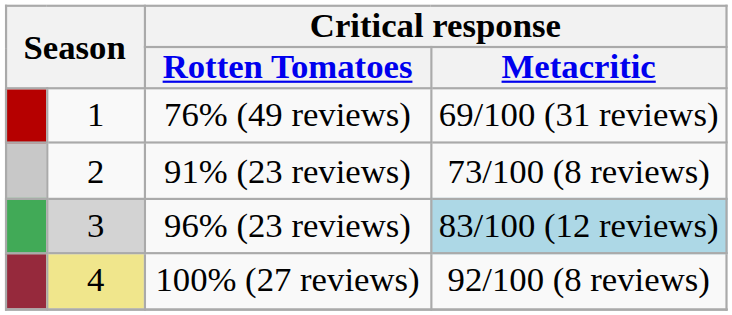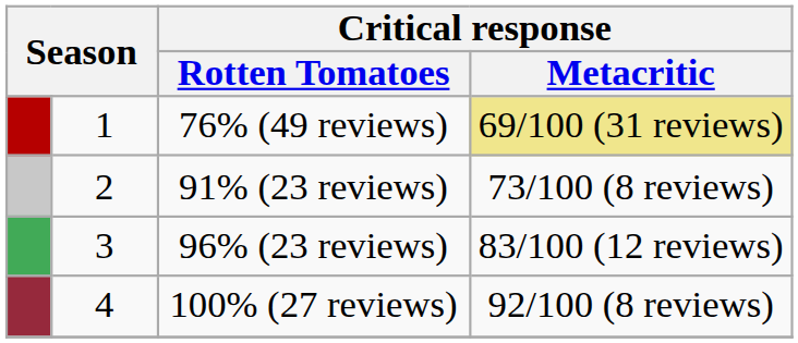 <table class="wikitable plainrowheaders" style="float: right;text-align:center; width:%70;margin:10px">
 <tr>
 <th style="padding:0 8px;" colspan="2" rowspan="2">Season</th>
 <th style="padding:0 8px;" colspan="2">Critical response</th>
 </tr>
 <tr>
 <th style="padding:0 8px;"><a href='#'>Rotten Tomatoes</a></th>
 <th style="padding:0 8px;"><a href='#'>Metacritic</a></th>
 </tr>
 <tr>
 <th scope="row" style="width:12px; background:#B60000;"></th>
 <td>1</td>
 <td>76% (49 reviews)</td>
-<td>69/100 (31 reviews)</td>
+<td style="background: khaki;">69/100 (31 reviews)</td>
 </tr>
 <tr>
 <th scope="row" style="width:12px; background:#C8C8C8;"></th>
 <td>2</td>
 <td>91% (23 reviews)</td>
 <td>73/100 (8 reviews)</td>
 </tr>
 <tr>
 <th scope="row" style="width:12px; background:#41aa57;"></th>
-<td style="background: lightgrey;">3</td>
+<td>3</td>
 <td>96% (23 reviews)</td>
-<td style="background: lightblue;">83/100 (12 reviews)</td>
+<td>83/100 (12 reviews)</td>
 </tr>
 <tr>
 <th scope="row" style="width:12px; background:#96293c;"></th>
-<td style="background: khaki;">4</td>
+<td>4</td>
 <td>100% (27 reviews)</td>
 <td>92/100 (8 reviews)</td>
 </tr>
 <tr>
 </tr>
 </table>
